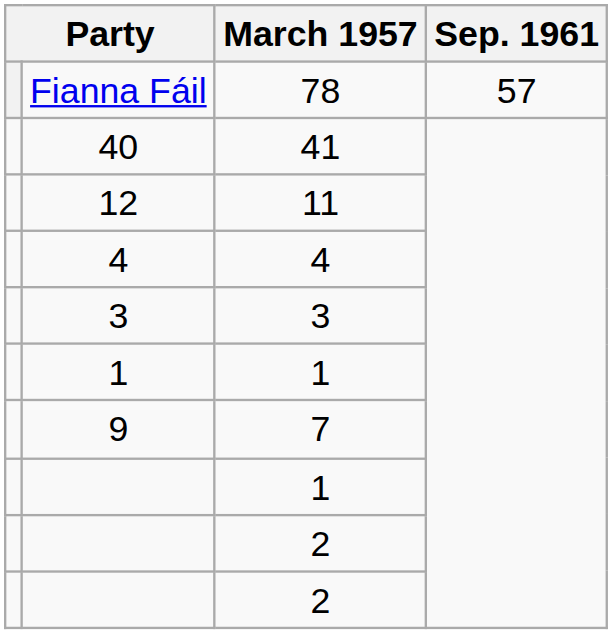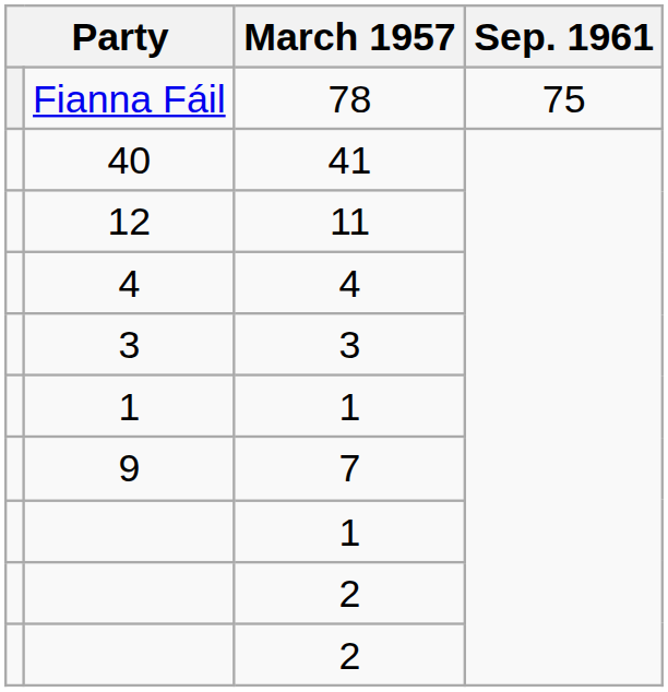 <table class="wikitable" style="font-size: 95%;">
 <tr>
 <th colspan=2>Party</th>
 <th>March 1957</th>
 <th>Sep. 1961</th>
 </tr>
 <tr>
 <th style="background-color: "></th>
 <td><a href='#'>Fianna Fáil</a></td>
 <td align="center">78</td>
-<td align="center">57</td>
+<td align="center">75</td>
 </tr>
 <tr>
 <td></td>
 <td align="center">40</td>
 <td align="center">41</td>
 </tr>
 <tr>
 <td></td>
 <td align="center">12</td>
 <td align="center">11</td>
 </tr>
 <tr>
 <td></td>
 <td align="center">4</td>
 <td align="center">4</td>
 </tr>
 <tr>
 <td></td>
 <td align="center">3</td>
 <td align="center">3</td>
 </tr>
 <tr>
 <td></td>
 <td align="center">1</td>
 <td align="center">1</td>
 </tr>
 <tr>
 <td></td>
 <td align="center">9</td>
 <td align="center">7</td>
 </tr>
 <tr>
 <td></td>
 <td></td>
 <td align="center">1</td>
 </tr>
 <tr>
 <td></td>
 <td></td>
 <td align="center">2</td>
 </tr>
 <tr>
 <td></td>
 <td></td>
 <td align="center">2</td>
 </tr>
 </table>
